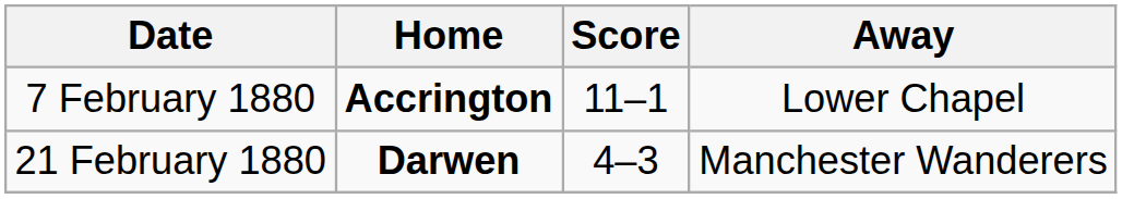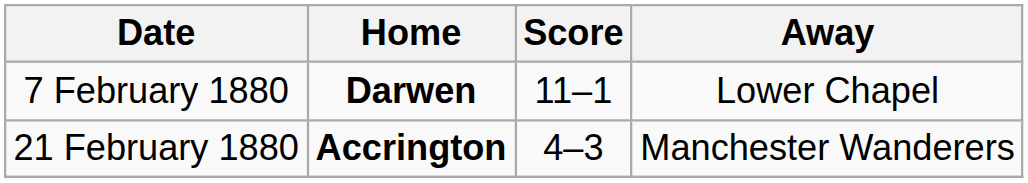 <table class="wikitable" style="text-align: center">
 <tr>
 <th>Date</th>
 <th>Home</th>
 <th>Score</th>
 <th>Away</th>
 </tr>
 <tr>
 <td>7 February 1880</td>
-<td><strong>Accrington</strong></td>
+<td><strong>Darwen</strong></td>
 <td>11–1</td>
 <td>Lower Chapel</td>
 </tr>
 <tr>
 <td>21 February 1880</td>
-<td><strong>Darwen</strong></td>
+<td><strong>Accrington</strong></td>
 <td>4–3</td>
 <td>Manchester Wanderers</td>
 </tr>
 <tr>
 </tr>
 </table>
